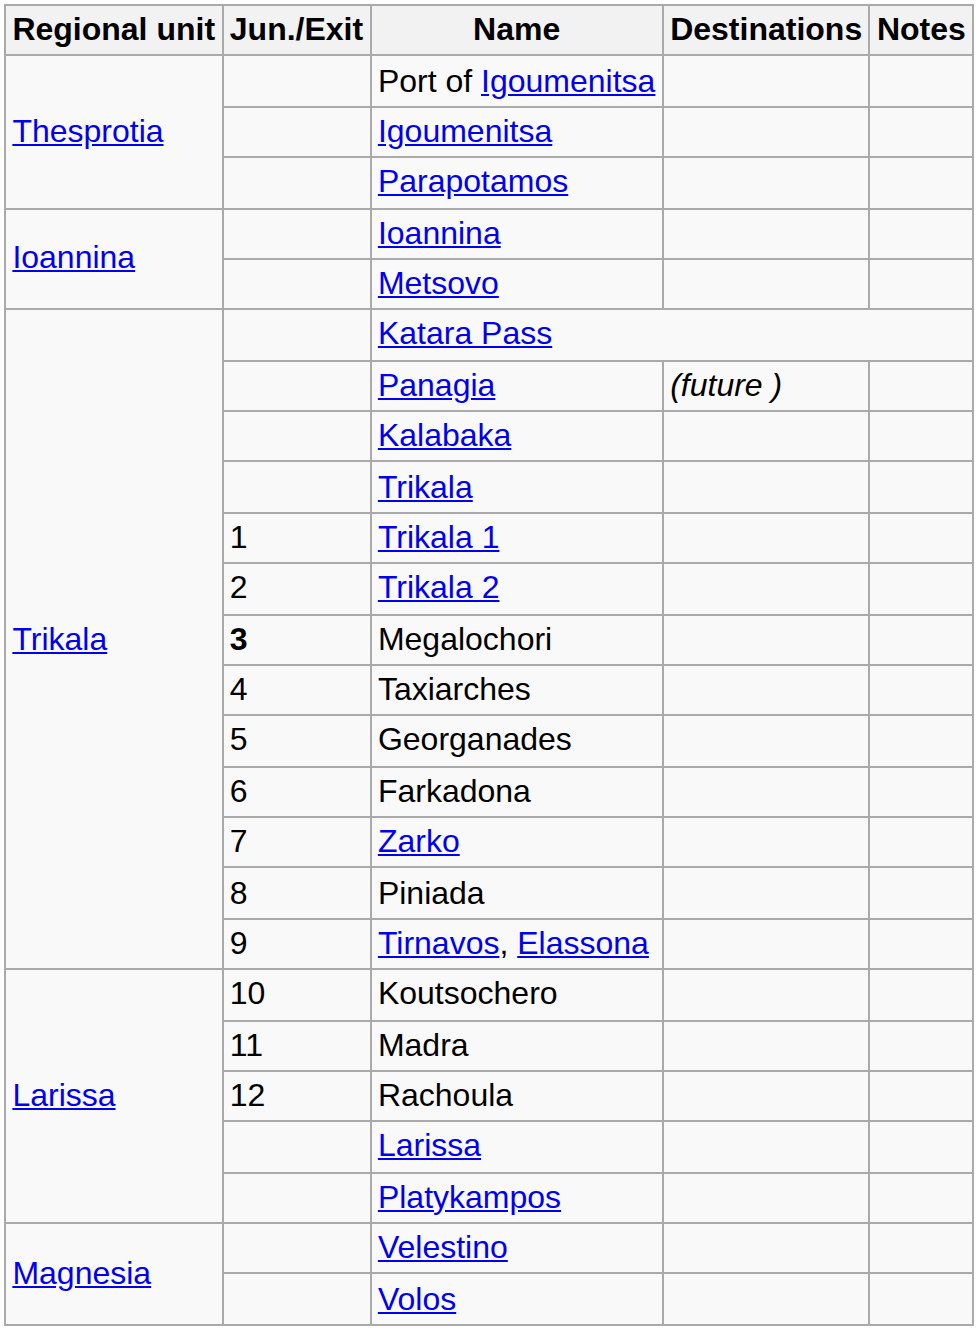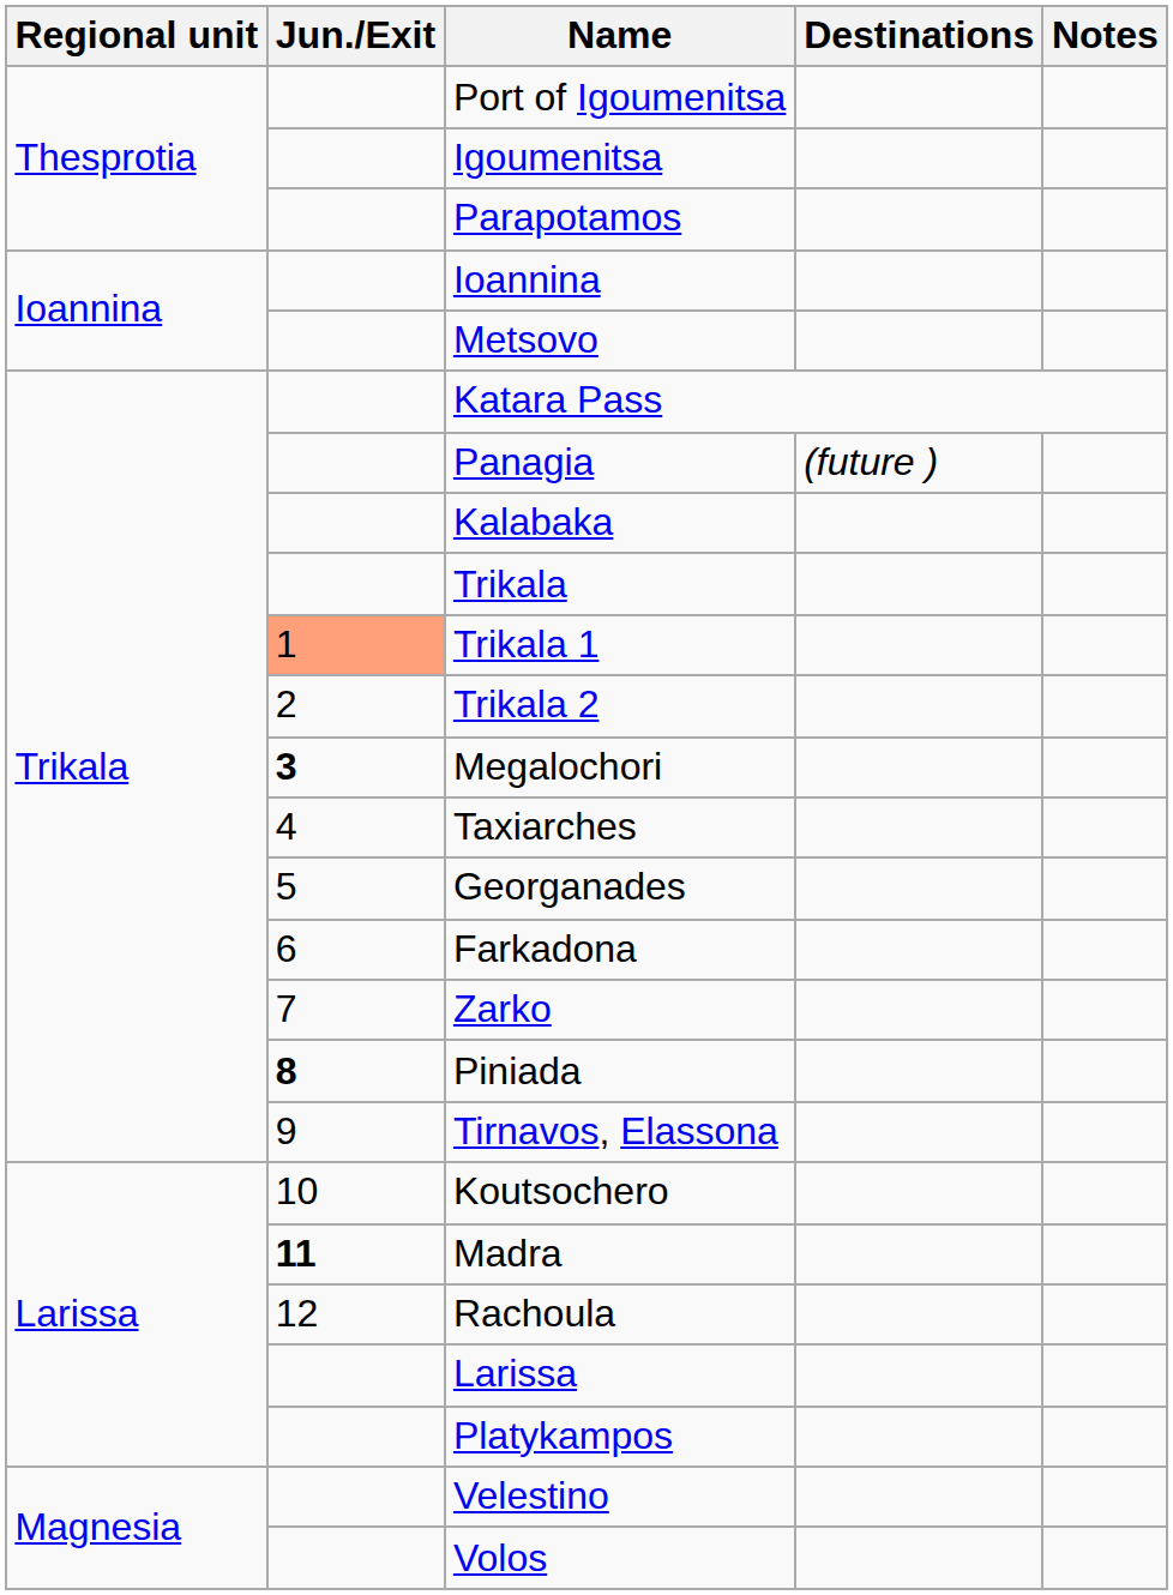 <table class="wikitable">
 <tr>
 <th scope="col">Regional unit</th>
 <th scope="col">Jun./Exit</th>
 <th scope="col">Name</th>
 <th scope="col">Destinations</th>
 <th scope="col">Notes</th>
 </tr>
 <tr>
 <td rowspan= 3><a href='#'>Thesprotia</a></td>
 <td></td>
 <td>Port of <a href='#'>Igoumenitsa</a></td>
 <td></td>
 <td></td>
 </tr>
 <tr>
 <td></td>
 <td><a href='#'>Igoumenitsa</a></td>
 <td></td>
 <td></td>
 </tr>
 <tr>
 <td></td>
 <td><a href='#'>Parapotamos</a></td>
 <td></td>
 <td></td>
 </tr>
 <tr>
 <td rowspan= 3><a href='#'>Ioannina</a></td>
 <td></td>
 <td><a href='#'>Ioannina</a></td>
 <td> </td>
 <td></td>
 </tr>
 <tr>
 <td></td>
 <td><a href='#'>Metsovo</a></td>
 <td></td>
 <td></td>
 </tr>
 <tr>
 <td rowspan= 2></td>
 <td colspan= 3; rowspan= 2><a href='#'>Katara Pass</a></td>
 </tr>
 <tr>
 <td rowspan= 13><a href='#'>Trikala</a></td>
 </tr>
 <tr>
 <td></td>
 <td><a href='#'>Panagia</a></td>
 <td> <em>(future )</em></td>
 <td></td>
 </tr>
 <tr>
 <td></td>
 <td><a href='#'>Kalabaka</a></td>
 <td></td>
 <td></td>
 </tr>
 <tr>
 <td></td>
 <td><a href='#'>Trikala</a></td>
 <td></td>
 <td></td>
 </tr>
 <tr>
-<td>1 </td>
+<td style="background: lightsalmon;">1 </td>
 <td><a href='#'>Trikala 1</a></td>
 <td></td>
 <td></td>
 </tr>
 <tr>
 <td>2 </td>
 <td><a href='#'>Trikala 2</a></td>
 <td></td>
 <td></td>
 </tr>
 <tr>
 <td><strong>3 </strong></td>
 <td>Megalochori</td>
 <td></td>
 <td></td>
 </tr>
 <tr>
 <td>4 </td>
 <td>Taxiarches</td>
 <td></td>
 <td></td>
 </tr>
 <tr>
 <td>5 </td>
 <td>Georganades</td>
 <td></td>
 <td></td>
 </tr>
 <tr>
 <td>6 </td>
 <td>Farkadona</td>
 <td></td>
 <td></td>
 </tr>
 <tr>
 <td>7 </td>
 <td><a href='#'>Zarko</a></td>
 <td></td>
 <td></td>
 </tr>
 <tr>
-<td>8 </td>
+<td><strong>8 </strong></td>
 <td>Piniada</td>
 <td></td>
 <td></td>
 </tr>
 <tr>
 <td>9 </td>
 <td><a href='#'>Tirnavos</a>, <a href='#'>Elassona</a></td>
 <td></td>
 <td></td>
 </tr>
 <tr>
 <td rowspan= 5><a href='#'>Larissa</a></td>
 <td>10 </td>
 <td>Koutsochero</td>
 <td></td>
 <td></td>
 </tr>
 <tr>
-<td>11 </td>
+<td><strong>11 </strong></td>
 <td>Madra</td>
 <td></td>
 <td></td>
 </tr>
 <tr>
 <td>12 </td>
 <td>Rachoula</td>
 <td></td>
 <td></td>
 </tr>
 <tr>
 <td></td>
 <td><a href='#'>Larissa</a></td>
 <td> </td>
 <td></td>
 </tr>
 <tr>
 <td></td>
 <td><a href='#'>Platykampos</a></td>
 <td></td>
 <td></td>
 </tr>
 <tr>
 <td rowspan= 2><a href='#'>Magnesia</a></td>
 <td></td>
 <td><a href='#'>Velestino</a></td>
 <td></td>
 <td></td>
 </tr>
 <tr>
 <td></td>
 <td><a href='#'>Volos</a></td>
 <td></td>
 <td></td>
 </tr>
 </table>
